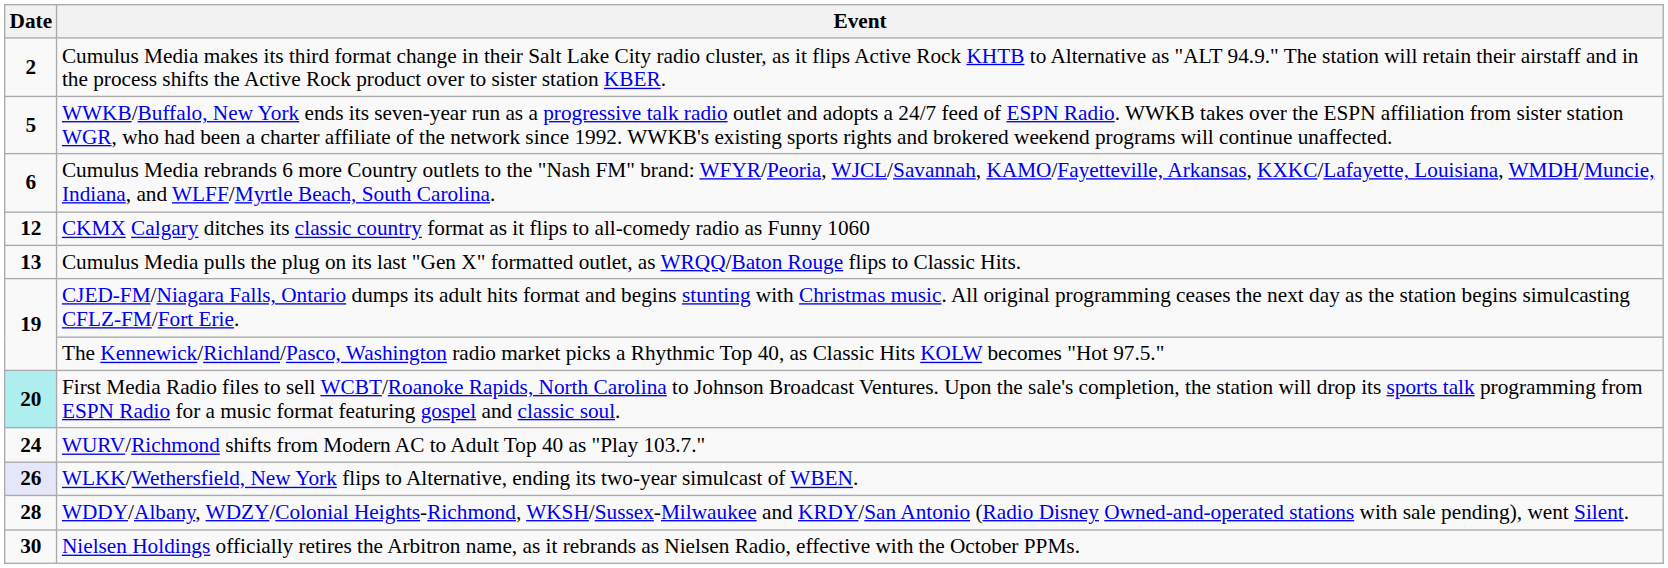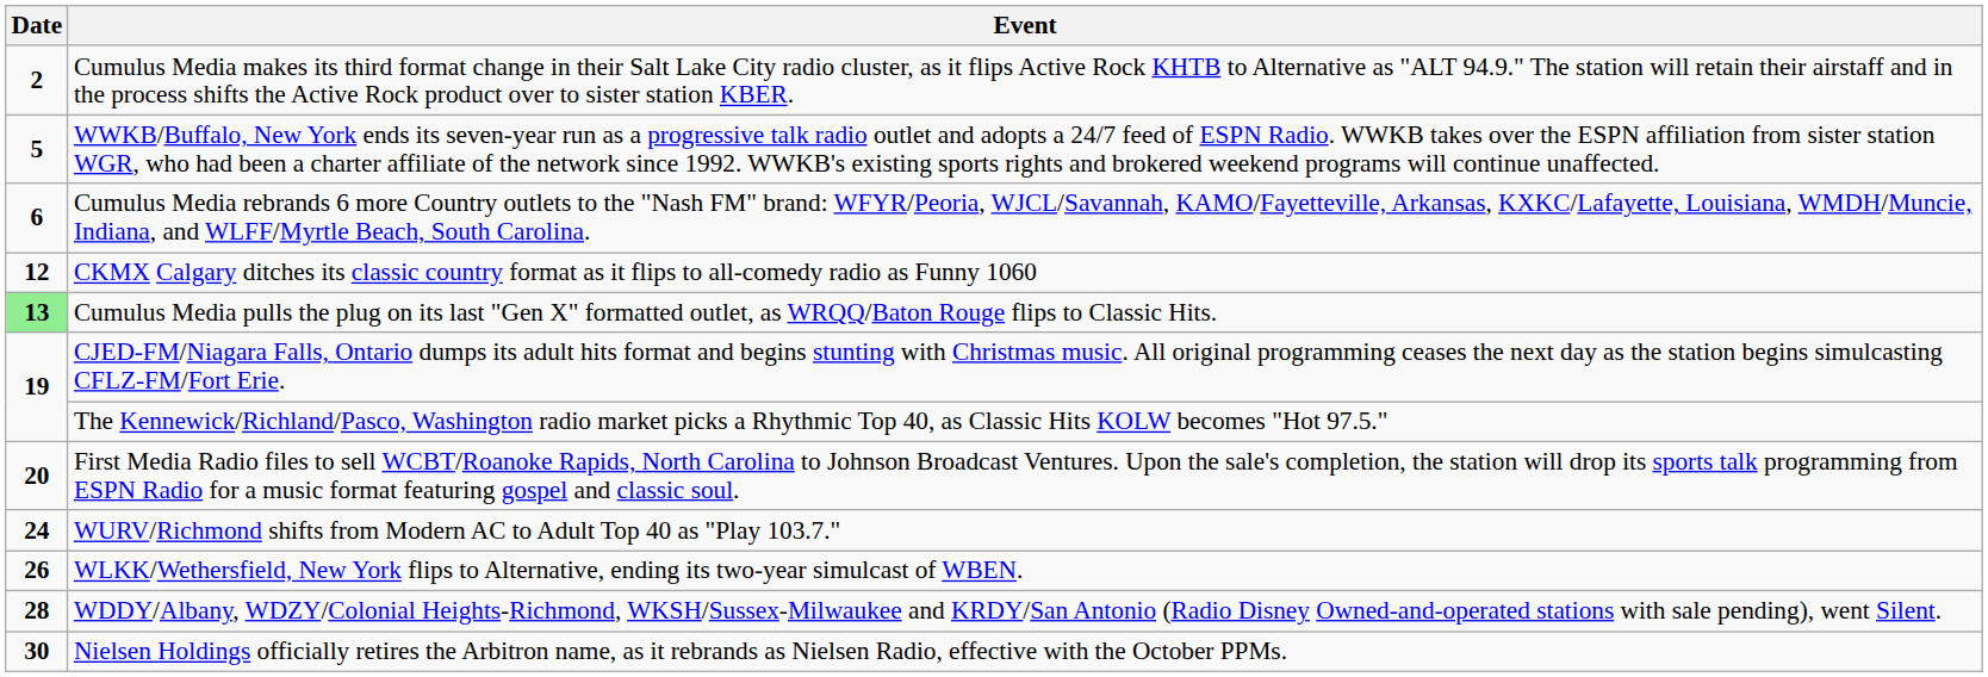 <table class="wikitable">
 <tr>
 <th>Date</th>
 <th>Event</th>
 </tr>
 <tr>
 <td style="text-align:center;"><strong>2</strong></td>
 <td>Cumulus Media makes its third format change in their Salt Lake City radio cluster, as it flips Active Rock <a href='#'>KHTB</a> to Alternative as "ALT 94.9." The station will retain their airstaff and in the process shifts the Active Rock product over to sister station <a href='#'>KBER</a>.</td>
 </tr>
 <tr>
 <td style="text-align:center;"><strong>5</strong></td>
 <td><a href='#'>WWKB</a>/<a href='#'>Buffalo, New York</a> ends its seven-year run as a <a href='#'>progressive talk radio</a> outlet and adopts a 24/7 feed of <a href='#'>ESPN Radio</a>. WWKB takes over the ESPN affiliation from sister station <a href='#'>WGR</a>, who had been a charter affiliate of the network since 1992. WWKB's existing sports rights and brokered weekend programs will continue unaffected.</td>
 </tr>
 <tr>
 <td style="text-align:center;"><strong>6</strong></td>
 <td>Cumulus Media rebrands 6 more Country outlets to the "Nash FM" brand: <a href='#'>WFYR</a>/<a href='#'>Peoria</a>, <a href='#'>WJCL</a>/<a href='#'>Savannah</a>, <a href='#'>KAMO</a>/<a href='#'>Fayetteville, Arkansas</a>, <a href='#'>KXKC</a>/<a href='#'>Lafayette, Louisiana</a>, <a href='#'>WMDH</a>/<a href='#'>Muncie, Indiana</a>, and <a href='#'>WLFF</a>/<a href='#'>Myrtle Beach, South Carolina</a>.</td>
 </tr>
 <tr>
 <td style="text-align:center;"><strong>12</strong></td>
 <td><a href='#'>CKMX</a> <a href='#'>Calgary</a> ditches its <a href='#'>classic country</a> format as it flips to all-comedy radio as Funny 1060</td>
 </tr>
 <tr>
-<td style="text-align:center;"><strong>13</strong></td>
+<td style="background: lightgreen; text-align:center;"><strong>13</strong></td>
 <td>Cumulus Media pulls the plug on its last "Gen X" formatted outlet, as <a href='#'>WRQQ</a>/<a href='#'>Baton Rouge</a> flips to Classic Hits.</td>
 </tr>
 <tr>
 <td style="text-align:center;"  rowspan=2><strong>19</strong></td>
 <td><a href='#'>CJED-FM</a>/<a href='#'>Niagara Falls, Ontario</a> dumps its adult hits format and begins <a href='#'>stunting</a> with <a href='#'>Christmas music</a>. All original programming ceases the next day as the station begins simulcasting <a href='#'>CFLZ-FM</a>/<a href='#'>Fort Erie</a>.</td>
 </tr>
 <tr>
 <td>The <a href='#'>Kennewick</a>/<a href='#'>Richland</a>/<a href='#'>Pasco, Washington</a> radio market picks a Rhythmic Top 40, as Classic Hits <a href='#'>KOLW</a> becomes "Hot 97.5."</td>
 </tr>
 <tr>
-<td style="background: paleturquoise; text-align:center;"><strong>20</strong></td>
+<td style="text-align:center;"><strong>20</strong></td>
 <td>First Media Radio files to sell <a href='#'>WCBT</a>/<a href='#'>Roanoke Rapids, North Carolina</a> to Johnson Broadcast Ventures. Upon the sale's completion, the station will drop its <a href='#'>sports talk</a> programming from <a href='#'>ESPN Radio</a> for a music format featuring <a href='#'>gospel</a> and <a href='#'>classic soul</a>.</td>
 </tr>
 <tr>
 <td style="text-align:center;"><strong>24</strong></td>
 <td><a href='#'>WURV</a>/<a href='#'>Richmond</a> shifts from Modern AC to Adult Top 40 as "Play 103.7."</td>
 </tr>
 <tr>
-<td style="background: lavender; text-align:center;"><strong>26</strong></td>
+<td style="text-align:center;"><strong>26</strong></td>
 <td><a href='#'>WLKK</a>/<a href='#'>Wethersfield, New York</a> flips to Alternative, ending its two-year simulcast of <a href='#'>WBEN</a>.</td>
 </tr>
 <tr>
 <td style="text-align:center;"><strong>28</strong></td>
 <td><a href='#'>WDDY</a>/<a href='#'>Albany</a>, <a href='#'>WDZY</a>/<a href='#'>Colonial Heights</a>-<a href='#'>Richmond</a>, <a href='#'>WKSH</a>/<a href='#'>Sussex</a>-<a href='#'>Milwaukee</a> and <a href='#'>KRDY</a>/<a href='#'>San Antonio</a> (<a href='#'>Radio Disney</a> <a href='#'>Owned-and-operated stations</a> with sale pending), went <a href='#'>Silent</a>.</td>
 </tr>
 <tr>
 <td style="text-align:center;"><strong>30</strong></td>
 <td><a href='#'>Nielsen Holdings</a> officially retires the Arbitron name, as it rebrands as Nielsen Radio, effective with the October PPMs.</td>
 </tr>
 </table>
